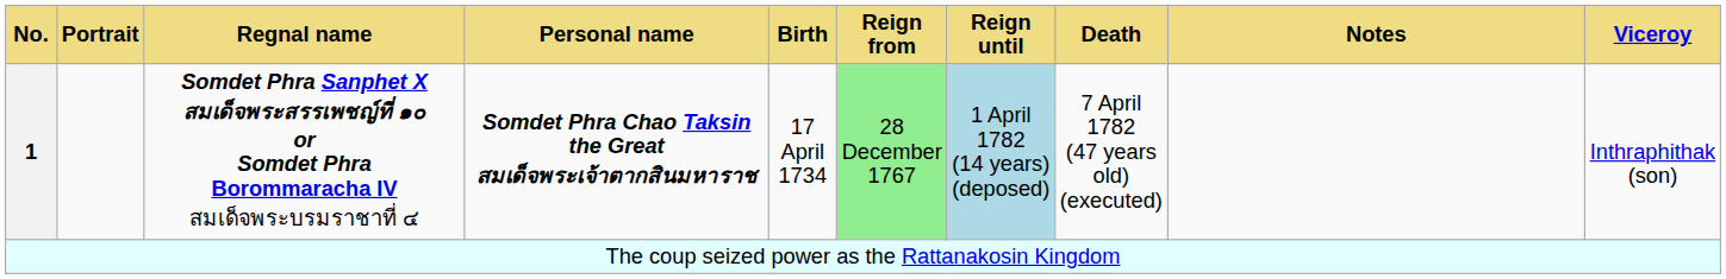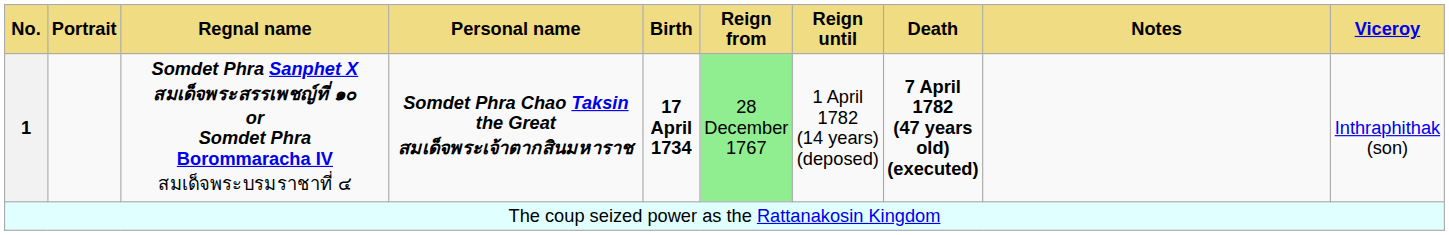 <table width=100% class="wikitable">
 <tr>
 <th style="background-color:#F0DC82" width=3%>No.</th>
 <th style="background-color:#F0DC82" width=1%>Portrait</th>
 <th style="background-color:#F0DC82" width=19%>Regnal name</th>
 <th style="background-color:#F0DC82" width=18%>Personal name</th>
 <th style="background-color:#F0DC82" width=4%>Birth</th>
 <th style="background-color:#F0DC82" width=4%>Reign from</th>
 <th style="background-color:#F0DC82" width=4%>Reign until</th>
 <th style="background-color:#F0DC82" width=4%>Death</th>
 <th style="background-color:#F0DC82" width=25%>Notes</th>
 <th style="background-color:#F0DC82" width=1%><a href='#'>Viceroy</a></th>
 </tr>
 <tr>
 <th align="center">1</th>
 <td align="center"></td>
 <td align="center"><strong><em>Somdet Phra<em> <a href='#'>Sanphet X</a><strong><br>สมเด็จพระสรรเพชญ์ที่ ๑๐<br>or<br></em></strong>Somdet Phra</em><br><a href='#'>Borommaracha IV</a></strong><br>สมเด็จพระบรมราชาที่ ๔</td>
 <td align="center"><strong><em>Somdet Phra Chao<em> <a href='#'>Taksin</a><strong> </em>the Great<em><br>สมเด็จพระเจ้าตากสินมหาราช</td>
-<td align="center">17 April 1734</td>
+<td align="center"><strong>17 April 1734</strong></td>
 <td align="center" style="background: lightgreen;">28 December 1767</td>
-<td align="center" style="background: lightblue;">1 April 1782<br>(14 years)<br></em>(deposed)<em><br></td>
-<td align="center">7 April 1782<br>(47 years old)<br></em>(executed)<em></td>
+<td align="center">1 April 1782<br>(14 years)<br></em>(deposed)<em><br></td>
+<td align="center"><strong>7 April 1782<br>(47 years old)<br></em>(executed)<em></strong></td>
 <td></td>
 <td align="center"><br><a href='#'>Inthraphithak</a><br>(son)</td>
 </tr>
 <tr>
 <td colspan="10" align="center" style="background: #E0FFFF;"></em>The coup seized power as the <a href='#'>Rattanakosin Kingdom</a><em></td>
 </tr>
 </table>
